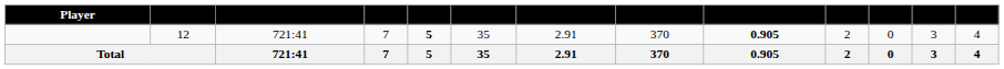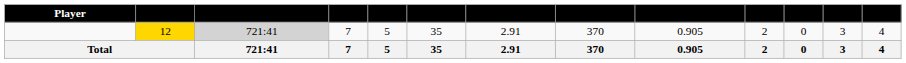 <table class="wikitable sortable" style="width:100%; text-align:center;">
 <tr>
 <th style="color:white; background:#000000; ">Player</th>
 <th style="color:white; background:#000000; "></th>
 <th style="color:white; background:#000000; "></th>
 <th style="color:white; background:#000000; "></th>
 <th style="color:white; background:#000000; "></th>
 <th style="color:white; background:#000000; "></th>
 <th style="color:white; background:#000000; "></th>
 <th style="color:white; background:#000000; "></th>
 <th style="color:white; background:#000000; "></th>
 <th style="color:white; background:#000000; "></th>
 <th style="color:white; background:#000000; "></th>
 <th style="color:white; background:#000000; "></th>
 <th style="color:white; background:#000000; "></th>
 </tr>
 <tr>
 <td></td>
-<td>12</td>
-<td>721:41</td>
+<td style="background: gold;">12</td>
+<td style="background: lightgrey;">721:41</td>
 <td>7</td>
-<td><strong>5</strong></td>
+<td>5</td>
 <td>35</td>
 <td>2.91</td>
 <td>370</td>
-<td><strong>0.905</strong></td>
+<td>0.905</td>
 <td>2</td>
 <td>0</td>
 <td>3</td>
 <td>4</td>
 </tr>
 <tr class="sortbotom">
 <th colspan=2>Total</th>
 <th>721:41</th>
 <th>7</th>
 <th>5</th>
 <th>35</th>
 <th>2.91</th>
 <th>370</th>
 <th>0.905</th>
 <th>2</th>
 <th>0</th>
 <th>3</th>
 <th>4</th>
 </tr>
 </table>
